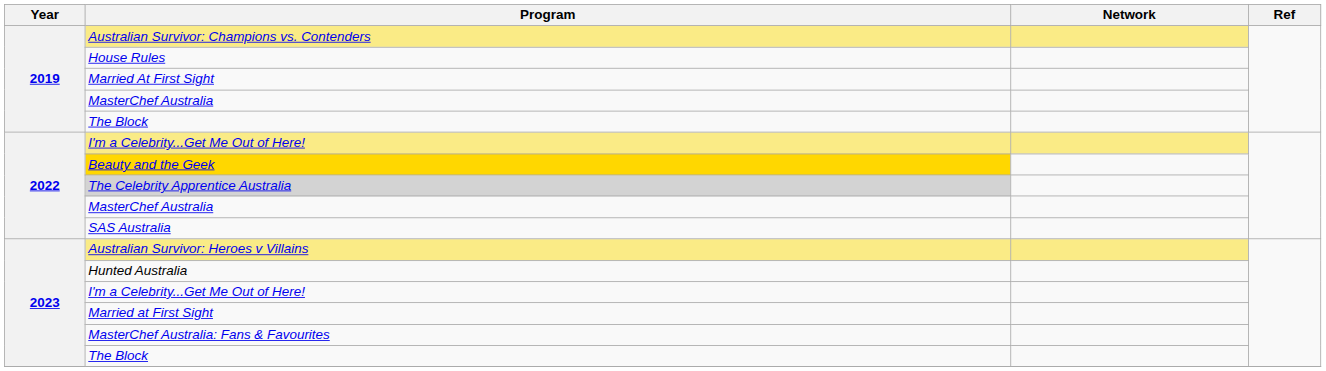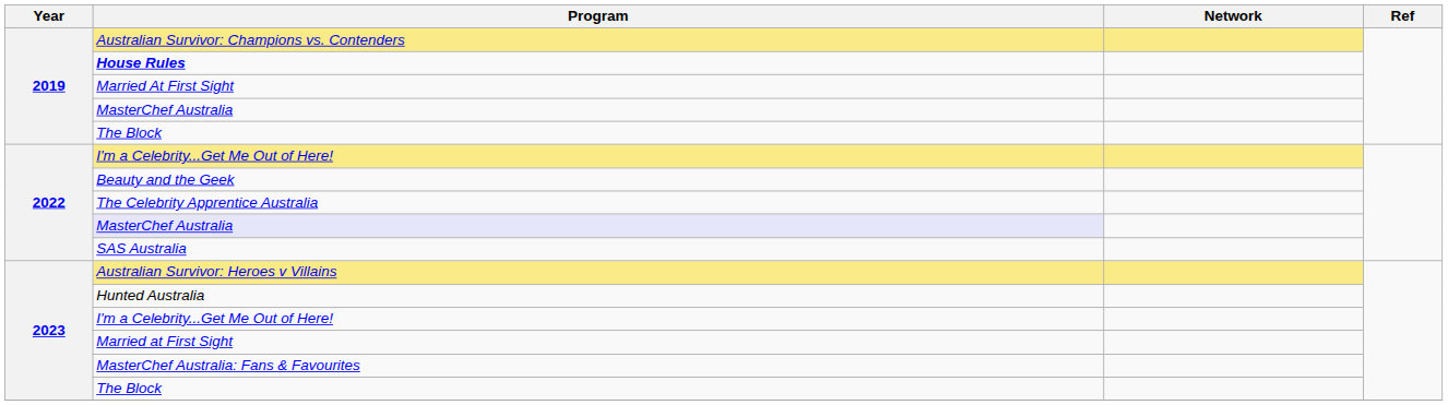 <table class="wikitable sortable">
 <tr style="background:#bebebe;">
 <th scope="col" style="width:1%;">Year</th>
 <th scope="col" style="width:16%;">Program</th>
 <th scope="col" style="width:4%;">Network</th>
 <th scope="col" style="width:1%;" class="unsortable">Ref</th>
 </tr>
 <tr>
 <th scope="row" rowspan="5" style="text-align:center"><a href='#'>2019</a></th>
 <td style="background:#FAEB86"><em><a href='#'>Australian Survivor: Champions vs. Contenders</a></em></td>
 <td style="background:#FAEB86"></td>
 <td rowspan="5"></td>
 </tr>
 <tr>
-<td><em><a href='#'>House Rules</a></em></td>
+<td><strong><em><a href='#'>House Rules</a></em></strong></td>
 <td></td>
 </tr>
 <tr>
 <td><em><a href='#'>Married At First Sight</a></em></td>
 <td></td>
 </tr>
 <tr>
 <td><em><a href='#'>MasterChef Australia</a></em></td>
 <td></td>
 </tr>
 <tr>
 <td><em><a href='#'>The Block</a></em></td>
 <td></td>
 </tr>
 <tr>
 <th scope="row" rowspan="5" style="text-align:center"><a href='#'>2022</a></th>
 <td style="background:#FAEB86"><em><a href='#'>I'm a Celebrity...Get Me Out of Here!</a></em></td>
 <td style="background:#FAEB86"></td>
 <td rowspan="5"></td>
 </tr>
 <tr>
-<td style="background: gold;"><em><a href='#'>Beauty and the Geek</a></em></td>
+<td><em><a href='#'>Beauty and the Geek</a></em></td>
 <td></td>
 </tr>
 <tr>
-<td style="background: lightgrey;"><em><a href='#'>The Celebrity Apprentice Australia</a></em></td>
+<td><em><a href='#'>The Celebrity Apprentice Australia</a></em></td>
 <td></td>
 </tr>
 <tr>
-<td><em><a href='#'>MasterChef Australia</a></em></td>
+<td style="background: lavender;"><em><a href='#'>MasterChef Australia</a></em></td>
 <td></td>
 </tr>
 <tr>
 <td><em><a href='#'>SAS Australia</a></em></td>
 <td></td>
 </tr>
 <tr>
 <th scope="row" rowspan="6" style="text-align:center"><a href='#'>2023</a></th>
 <td style="background:#FAEB86"><em><a href='#'>Australian Survivor: Heroes v Villains</a></em></td>
 <td style="background:#FAEB86"></td>
 <td rowspan="6"></td>
 </tr>
 <tr>
 <td><em>Hunted Australia</em></td>
 <td></td>
 </tr>
 <tr>
 <td><em><a href='#'>I'm a Celebrity...Get Me Out of Here!</a></em></td>
 <td></td>
 </tr>
 <tr>
 <td><em><a href='#'>Married at First Sight</a></em></td>
 <td></td>
 </tr>
 <tr>
 <td><em><a href='#'>MasterChef Australia: Fans & Favourites</a></em></td>
 <td></td>
 </tr>
 <tr>
 <td><em><a href='#'>The Block</a></em></td>
 <td></td>
 </tr>
 <tr>
 </tr>
 </table>
